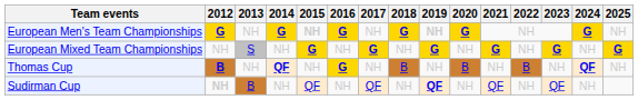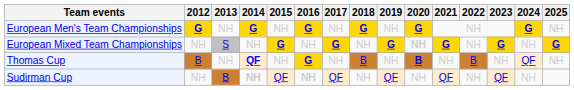 <table class="wikitable" style="font-size: 90%; text-align:center">
 <tr>
 <th>Team events</th>
 <th>2012</th>
 <th>2013</th>
 <th>2014</th>
 <th>2015</th>
 <th>2016</th>
 <th>2017</th>
 <th>2018</th>
 <th>2019</th>
 <th>2020</th>
 <th>2021</th>
 <th>2022</th>
 <th>2023</th>
 <th>2024</th>
 <th>2025</th>
 </tr>
 <tr>
 <td bgcolor="#ECF2FF"; align="left"><a href='#'>European Men's Team Championships</a></td>
 <td bgcolor=gold><a href='#'><strong>G</strong></a></td>
 <td style=color:#ccc>NH</td>
 <td bgcolor=gold><a href='#'><strong>G</strong></a></td>
-<td style=color:#ccc><strong>NH</strong></td>
+<td style=color:#ccc>NH</td>
 <td bgcolor=gold><a href='#'><strong>G</strong></a></td>
 <td style=color:#ccc>NH</td>
 <td bgcolor=gold><a href='#'><strong>G</strong></a></td>
-<td style=color:#ccc><strong>NH</strong></td>
+<td style=color:#ccc>NH</td>
 <td bgcolor=gold><a href='#'><strong>G</strong></a></td>
 <td colspan="3" style=color:#ccc>NH</td>
 <td bgcolor=gold><a href='#'><strong>G</strong></a></td>
 <td colspan="3" style=color:#ccc>NH</td>
 </tr>
 <tr>
 <td bgcolor="#ECF2FF"; align="left"><a href='#'>European Mixed Team Championships</a></td>
 <td style=color:#ccc>NH</td>
 <td bgcolor=silver><a href='#'>S</a></td>
 <td style=color:#ccc>NH</td>
 <td bgcolor=gold><a href='#'><strong>G</strong></a></td>
 <td style=color:#ccc>NH</td>
 <td bgcolor=gold><a href='#'><strong>G</strong></a></td>
 <td style=color:#ccc>NH</td>
 <td bgcolor=gold><a href='#'><strong>G</strong></a></td>
-<td style=color:#ccc>NH</td>
+<td style=color:#ccc><strong>NH</strong></td>
 <td bgcolor=gold><a href='#'><strong>G</strong></a></td>
 <td style=color:#ccc>NH</td>
 <td bgcolor=gold><a href='#'><strong>G</strong></a></td>
 <td style=color:#ccc>NH</td>
 <td bgcolor=gold><a href='#'><strong>G</strong></a></td>
 </tr>
 <tr>
 <td bgcolor="#ECF2FF"; align="left"><a href='#'>Thomas Cup</a></td>
-<td bgcolor=CD7F32><strong><a href='#'>B</a></strong></td>
+<td bgcolor=CD7F32><a href='#'>B</a></td>
 <td style=color:#ccc>NH</td>
 <td bgcolor=FFEBCD><strong><a href='#'>QF</a></strong></td>
 <td style=color:#ccc>NH</td>
 <td bgcolor=gold><a href='#'><strong>G</strong></a></td>
 <td style=color:#ccc>NH</td>
 <td bgcolor=CD7F32><a href='#'>B</a></td>
 <td style=color:#ccc>NH</td>
-<td bgcolor=CD7F32><a href='#'>B</a></td>
+<td bgcolor=CD7F32><strong><a href='#'>B</a></strong></td>
 <td style=color:#ccc>NH</td>
 <td bgcolor=CD7F32><a href='#'>B</a></td>
 <td style=color:#ccc>NH</td>
-<td bgcolor=FFEBCD><strong><a href='#'>QF</a></strong></td>
+<td bgcolor=FFEBCD><a href='#'>QF</a></td>
 <td colspan="3" style=color:#ccc>NH</td>
 </tr>
 <tr>
 <td bgcolor="#ECF2FF"; align="left"><a href='#'>Sudirman Cup</a></td>
+<td style=color:#ccc>NH</td>
+<td bgcolor=CD7F32><a href='#'>B</a></td>
 <td style=color:#ccc><strong>NH</strong></td>
-<td bgcolor=CD7F32><a href='#'>B</a></td>
-<td style=color:#ccc>NH</td>
+<td bgcolor=FFEBCD><a href='#'>QF</a></td>
+<td style=color:#ccc><strong>NH</strong></td>
 <td bgcolor=FFEBCD><a href='#'>QF</a></td>
 <td style=color:#ccc>NH</td>
 <td bgcolor=FFEBCD><a href='#'>QF</a></td>
-<td style=color:#ccc>NH</td>
-<td bgcolor=FFEBCD><strong><a href='#'>QF</a></strong></td>
 <td style=color:#ccc>NH</td>
 <td bgcolor=FFEBCD><a href='#'>QF</a></td>
 <td style=color:#ccc>NH</td>
 <td bgcolor=FFEBCD><a href='#'>QF</a></td>
 <td style=color:#ccc>NH</td>
 <td></td>
 </tr>
 </table>
